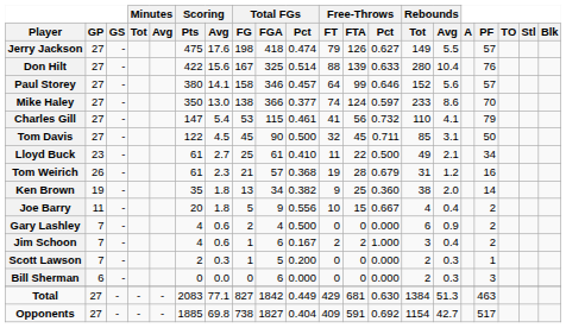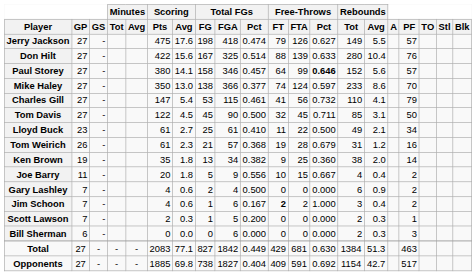 <table class="wikitable sortable" border="1" style="font-size:90%;">
 <tr>
 <th colspan="3" style="border-top-style:hidden; border-left-style:hidden; background: white;"></th>
 <th colspan="2" style=>Minutes</th>
 <th colspan="2" style=>Scoring</th>
 <th colspan="3" style=>Total FGs</th>
 <th colspan="3" style=>Free-Throws</th>
 <th colspan="2" style=>Rebounds</th>
 <th colspan="5" style="border-top-style:hidden; border-right-style:hidden; background: white;"></th>
 </tr>
 <tr>
 <th scope="col" style=>Player</th>
 <th scope="col" style=>GP</th>
 <th scope="col" style=>GS</th>
 <th scope="col" style=>Tot</th>
 <th scope="col" style=>Avg</th>
 <th scope="col" style=>Pts</th>
 <th scope="col" style=>Avg</th>
 <th scope="col" style=>FG</th>
 <th scope="col" style=>FGA</th>
 <th scope="col" style=>Pct</th>
 <th scope="col" style=>FT</th>
 <th scope="col" style=>FTA</th>
 <th scope="col" style=>Pct</th>
 <th scope="col" style=>Tot</th>
 <th scope="col" style=>Avg</th>
 <th scope="col" style=>A</th>
 <th scope="col" style=>PF</th>
 <th scope="col" style=>TO</th>
 <th scope="col" style=>Stl</th>
 <th scope="col" style=>Blk</th>
 </tr>
 <tr>
 <th>Jerry Jackson</th>
 <td align="right">27</td>
 <td align="right">-</td>
 <td align="right"></td>
 <td align="right"></td>
 <td align="right">475</td>
 <td align="right">17.6</td>
 <td align="right">198</td>
 <td align="right">418</td>
 <td align="right">0.474</td>
 <td align="right">79</td>
 <td align="right">126</td>
 <td align="right">0.627</td>
 <td align="right">149</td>
 <td align="right">5.5</td>
 <td align="right"></td>
 <td align="right">57</td>
 <td align="right"></td>
 <td align="right"></td>
 <td align="right"></td>
 </tr>
 <tr>
 <th>Don Hilt</th>
 <td align="right">27</td>
 <td align="right">-</td>
 <td align="right"></td>
 <td align="right"></td>
 <td align="right">422</td>
 <td align="right">15.6</td>
 <td align="right">167</td>
 <td align="right">325</td>
 <td align="right">0.514</td>
 <td align="right">88</td>
 <td align="right">139</td>
 <td align="right">0.633</td>
 <td align="right">280</td>
 <td align="right">10.4</td>
 <td align="right"></td>
 <td align="right">76</td>
 <td align="right"></td>
 <td align="right"></td>
 <td align="right"></td>
 </tr>
 <tr>
 <th>Paul Storey</th>
 <td align="right">27</td>
 <td align="right">-</td>
 <td align="right"></td>
 <td align="right"></td>
 <td align="right">380</td>
 <td align="right">14.1</td>
 <td align="right">158</td>
 <td align="right">346</td>
 <td align="right">0.457</td>
 <td align="right">64</td>
 <td align="right">99</td>
-<td align="right">0.646</td>
+<td align="right"><strong>0.646</strong></td>
 <td align="right">152</td>
 <td align="right">5.6</td>
 <td align="right"></td>
 <td align="right">57</td>
 <td align="right"></td>
 <td align="right"></td>
 <td align="right"></td>
 </tr>
 <tr>
 <th>Mike Haley</th>
 <td align="right">27</td>
 <td align="right">-</td>
 <td align="right"></td>
 <td align="right"></td>
 <td align="right">350</td>
 <td align="right">13.0</td>
 <td align="right">138</td>
 <td align="right">366</td>
 <td align="right">0.377</td>
 <td align="right">74</td>
 <td align="right">124</td>
 <td align="right">0.597</td>
 <td align="right">233</td>
 <td align="right">8.6</td>
 <td align="right"></td>
 <td align="right">70</td>
 <td align="right"></td>
 <td align="right"></td>
 <td align="right"></td>
 </tr>
 <tr>
 <th>Charles Gill</th>
 <td align="right">27</td>
 <td align="right">-</td>
 <td align="right"></td>
 <td align="right"></td>
 <td align="right">147</td>
 <td align="right">5.4</td>
 <td align="right">53</td>
 <td align="right">115</td>
 <td align="right">0.461</td>
 <td align="right">41</td>
 <td align="right">56</td>
 <td align="right">0.732</td>
 <td align="right">110</td>
 <td align="right">4.1</td>
 <td align="right"></td>
 <td align="right">79</td>
 <td align="right"></td>
 <td align="right"></td>
 <td align="right"></td>
 </tr>
 <tr>
 <th>Tom Davis</th>
 <td align="right">27</td>
 <td align="right">-</td>
 <td align="right"></td>
 <td align="right"></td>
 <td align="right">122</td>
 <td align="right">4.5</td>
 <td align="right">45</td>
 <td align="right">90</td>
 <td align="right">0.500</td>
 <td align="right">32</td>
 <td align="right">45</td>
 <td align="right">0.711</td>
 <td align="right">85</td>
 <td align="right">3.1</td>
 <td align="right"></td>
 <td align="right">50</td>
 <td align="right"></td>
 <td align="right"></td>
 <td align="right"></td>
 </tr>
 <tr>
 <th>Lloyd Buck</th>
 <td align="right">23</td>
 <td align="right">-</td>
 <td align="right"></td>
 <td align="right"></td>
 <td align="right">61</td>
 <td align="right">2.7</td>
 <td align="right">25</td>
 <td align="right">61</td>
 <td align="right">0.410</td>
 <td align="right">11</td>
 <td align="right">22</td>
 <td align="right">0.500</td>
 <td align="right">49</td>
 <td align="right">2.1</td>
 <td align="right"></td>
 <td align="right">34</td>
 <td align="right"></td>
 <td align="right"></td>
 <td align="right"></td>
 </tr>
 <tr>
 <th>Tom Weirich</th>
 <td align="right">26</td>
 <td align="right">-</td>
 <td align="right"></td>
 <td align="right"></td>
 <td align="right">61</td>
 <td align="right">2.3</td>
 <td align="right">21</td>
 <td align="right">57</td>
 <td align="right">0.368</td>
 <td align="right">19</td>
 <td align="right">28</td>
 <td align="right">0.679</td>
 <td align="right">31</td>
 <td align="right">1.2</td>
 <td align="right"></td>
 <td align="right">16</td>
 <td align="right"></td>
 <td align="right"></td>
 <td align="right"></td>
 </tr>
 <tr>
 <th>Ken Brown</th>
 <td align="right">19</td>
 <td align="right">-</td>
 <td align="right"></td>
 <td align="right"></td>
 <td align="right">35</td>
 <td align="right">1.8</td>
 <td align="right">13</td>
 <td align="right">34</td>
 <td align="right">0.382</td>
 <td align="right">9</td>
 <td align="right">25</td>
 <td align="right">0.360</td>
 <td align="right">38</td>
 <td align="right">2.0</td>
 <td align="right"></td>
 <td align="right">14</td>
 <td align="right"></td>
 <td align="right"></td>
 <td align="right"></td>
 </tr>
 <tr>
 <th>Joe Barry</th>
 <td align="right">11</td>
 <td align="right">-</td>
 <td align="right"></td>
 <td align="right"></td>
 <td align="right">20</td>
 <td align="right">1.8</td>
 <td align="right">5</td>
 <td align="right">9</td>
 <td align="right">0.556</td>
 <td align="right">10</td>
 <td align="right">15</td>
 <td align="right">0.667</td>
 <td align="right">4</td>
 <td align="right">0.4</td>
 <td align="right"></td>
 <td align="right">2</td>
 <td align="right"></td>
 <td align="right"></td>
 <td align="right"></td>
 </tr>
 <tr>
 <th>Gary Lashley</th>
 <td align="right">7</td>
 <td align="right">-</td>
 <td align="right"></td>
 <td align="right"></td>
 <td align="right">4</td>
 <td align="right">0.6</td>
 <td align="right">2</td>
 <td align="right">4</td>
 <td align="right">0.500</td>
 <td align="right">0</td>
 <td align="right">0</td>
 <td align="right">0.000</td>
 <td align="right">6</td>
 <td align="right">0.9</td>
 <td align="right"></td>
 <td align="right">2</td>
 <td align="right"></td>
 <td align="right"></td>
 <td align="right"></td>
 </tr>
 <tr>
 <th>Jim Schoon</th>
 <td align="right">7</td>
 <td align="right">-</td>
 <td align="right"></td>
 <td align="right"></td>
 <td align="right">4</td>
 <td align="right">0.6</td>
 <td align="right">1</td>
 <td align="right">6</td>
 <td align="right">0.167</td>
-<td align="right">2</td>
+<td align="right"><strong>2</strong></td>
 <td align="right">2</td>
 <td align="right">1.000</td>
 <td align="right">3</td>
 <td align="right">0.4</td>
 <td align="right"></td>
 <td align="right">2</td>
 <td align="right"></td>
 <td align="right"></td>
 <td align="right"></td>
 </tr>
 <tr>
 <th>Scott Lawson</th>
 <td align="right">7</td>
 <td align="right">-</td>
 <td align="right"></td>
 <td align="right"></td>
 <td align="right">2</td>
 <td align="right">0.3</td>
 <td align="right">1</td>
 <td align="right">5</td>
 <td align="right">0.200</td>
 <td align="right">0</td>
 <td align="right">0</td>
 <td align="right">0.000</td>
 <td align="right">2</td>
 <td align="right">0.3</td>
 <td align="right"></td>
 <td align="right">1</td>
 <td align="right"></td>
 <td align="right"></td>
 <td align="right"></td>
 </tr>
 <tr>
 <th>Bill Sherman</th>
 <td align="right">6</td>
 <td align="right">-</td>
 <td align="right"></td>
 <td align="right"></td>
 <td align="right">0</td>
 <td align="right">0.0</td>
 <td align="right">0</td>
 <td align="right">6</td>
 <td align="right">0.000</td>
 <td align="right">0</td>
 <td align="right">0</td>
 <td align="right">0.000</td>
 <td align="right">2</td>
 <td align="right">0.3</td>
 <td align="right"></td>
 <td align="right">3</td>
 <td align="right"></td>
 <td align="right"></td>
 <td align="right"></td>
 </tr>
 <tr>
 </tr>
 <tr class="sortbottom">
 <td align="center" style=><strong>Total</strong></td>
 <td align="center" style=>27</td>
 <td align="center" style=>-</td>
 <td align="center" style=>-</td>
 <td align="center" style=>-</td>
 <td align="center" style=>2083</td>
 <td align="center" style=>77.1</td>
 <td align="center" style=>827</td>
 <td align="center" style=>1842</td>
 <td align="center" style=>0.449</td>
 <td align="center" style=>429</td>
 <td align="center" style=>681</td>
 <td align="center" style=>0.630</td>
 <td align="center" style=>1384</td>
 <td align="center" style=>51.3</td>
 <td align="center" style=></td>
 <td align="center" style=>463</td>
 <td align="center" style=></td>
 <td align="center" style=></td>
 <td align="center" style=></td>
 </tr>
 <tr class="sortbottom">
 <td align="center"><strong>Opponents</strong></td>
 <td align="center">27</td>
 <td align="center">-</td>
 <td align="center">-</td>
 <td align="center">-</td>
 <td align="center">1885</td>
 <td align="center">69.8</td>
 <td align="center">738</td>
 <td align="center">1827</td>
 <td align="center">0.404</td>
 <td align="center">409</td>
 <td align="center">591</td>
 <td align="center">0.692</td>
 <td align="center">1154</td>
 <td align="center">42.7</td>
 <td align="center"></td>
 <td align="center">517</td>
 <td align="center"></td>
 <td align="center"></td>
 <td align="center"></td>
 </tr>
 </table>
